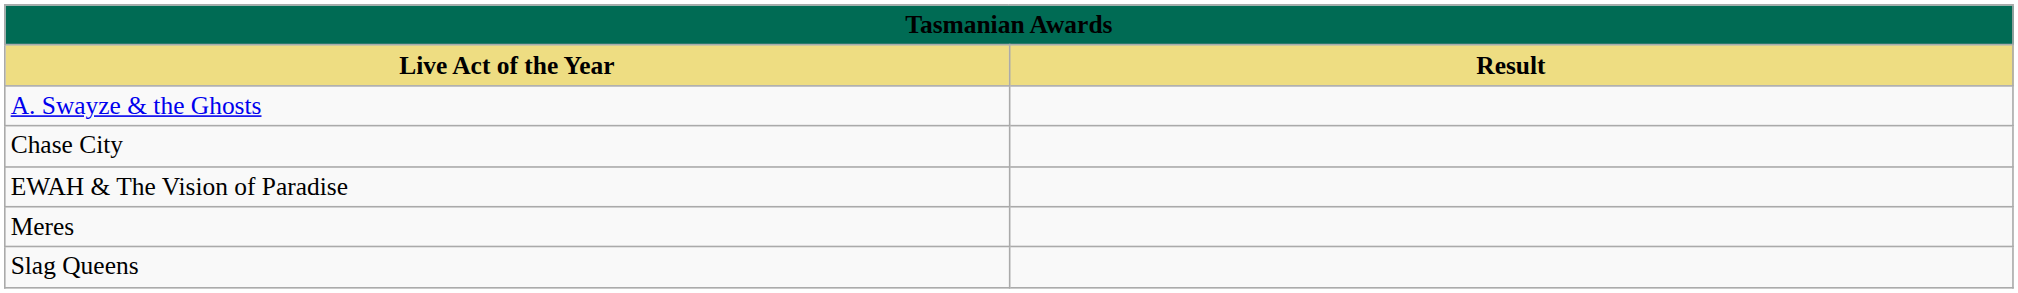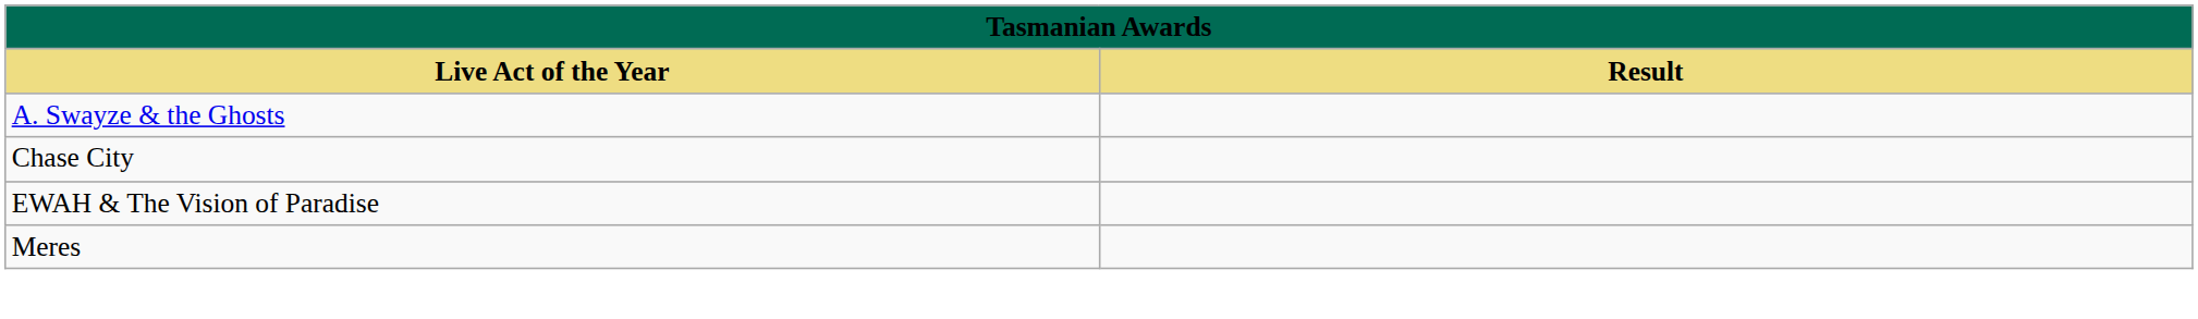 <table class="wikitable" width=100%>
 <tr>
 <th colspan="2" ! style="width:15%;background:#006b54">Tasmanian Awards</th>
 </tr>
 <tr>
 <th style="width:10%;background:#EEDD82;">Live Act of the Year</th>
 <th style="width:10%;background:#EEDD82;">Result</th>
 </tr>
 <tr>
 <td><a href='#'>A. Swayze & the Ghosts</a></td>
 <td></td>
 </tr>
 <tr>
 <td>Chase City</td>
 <td></td>
 </tr>
 <tr>
 <td>EWAH & The Vision of Paradise</td>
 <td></td>
 </tr>
 <tr>
 <td>Meres</td>
 <td></td>
 </tr>
-<tr>
-<td>Slag Queens</td>
-<td></td>
-</tr>
 </table>
